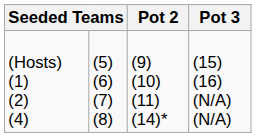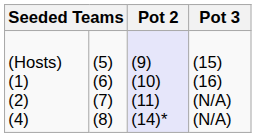 <table class="wikitable">
 <tr>
 <th colspan=2 width=50%>Seeded Teams</th>
 <th width=25%>Pot 2</th>
 <th width=25%>Pot 3</th>
 </tr>
 <tr>
 <td><br> (Hosts)<br>  (1)<br>  (2)<br>  (4)</td>
 <td><br> (5)<br>  (6)<br>  (7)<br>  (8)</td>
-<td><br> (9)<br>  (10) <br>  (11) <br>  (14)*<br></td>
+<td style="background: lavender;"><br> (9)<br>  (10) <br>  (11) <br>  (14)*<br></td>
 <td><br> (15) <br>  (16) <br>  (N/A) <br>  (N/A)</td>
 </tr>
 </table>
